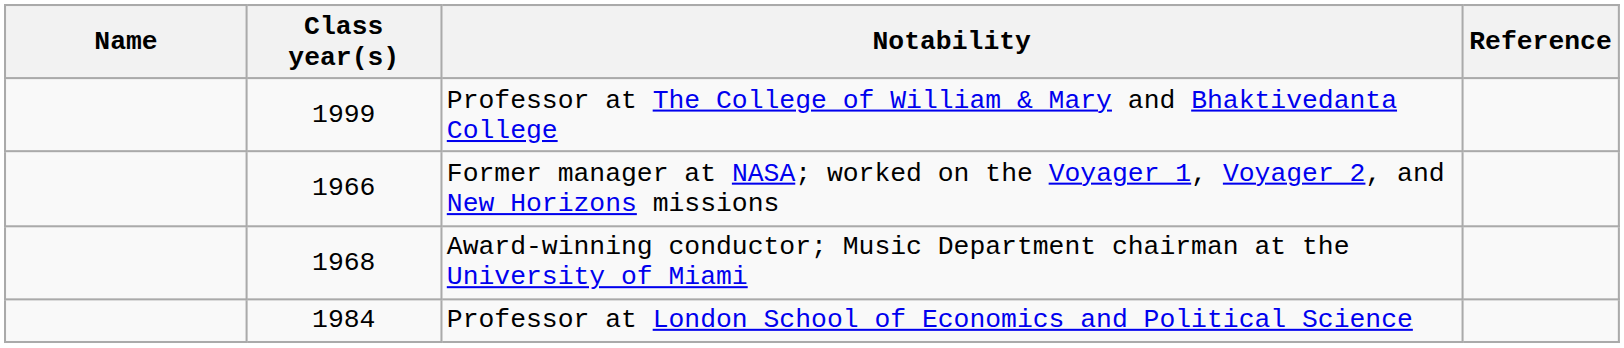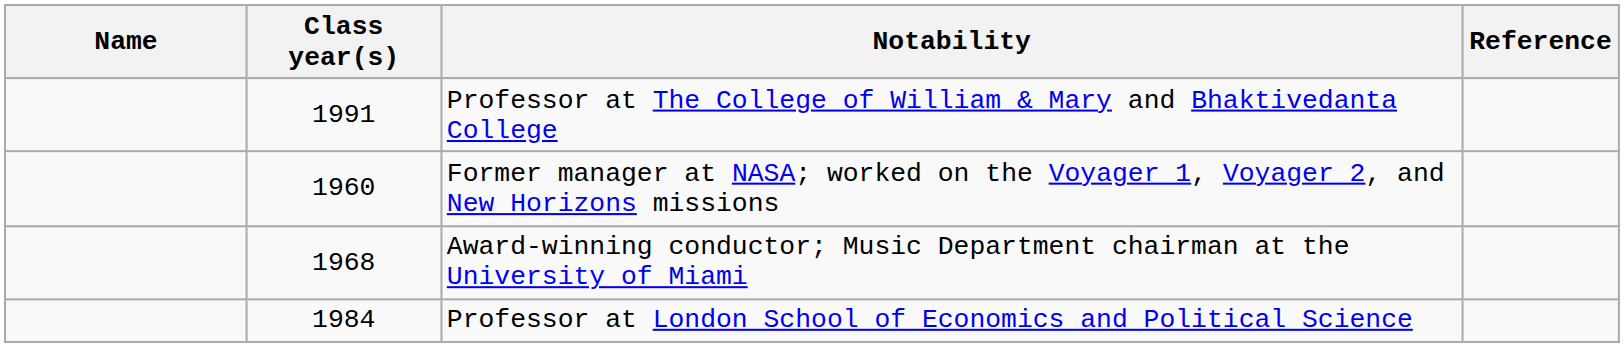 <table class="wikitable sortable" style="width:90%">
 <tr>
 <th style="width:15%;">Name</th>
 <th style="width:12%;">Class year(s)</th>
 <th style="width:*;" class="unsortable">Notability</th>
 <th style="width:5%;" class="unsortable">Reference</th>
 </tr>
 <tr>
 <td></td>
-<td style="text-align:center;">1999</td>
+<td style="text-align:center;">1991</td>
 <td>Professor at <a href='#'>The College of William & Mary</a> and <a href='#'>Bhaktivedanta College</a></td>
 <td style="text-align:center;"></td>
 </tr>
 <tr>
 <td></td>
-<td style="text-align:center;">1966</td>
+<td style="text-align:center;">1960</td>
 <td>Former manager at <a href='#'>NASA</a>; worked on the <a href='#'>Voyager 1</a>, <a href='#'>Voyager 2</a>, and <a href='#'>New Horizons</a> missions</td>
 <td style="text-align:center;"></td>
 </tr>
 <tr>
 <td></td>
 <td style="text-align:center;">1968</td>
 <td>Award-winning conductor; Music Department chairman at the <a href='#'>University of Miami</a></td>
 <td style="text-align:center;"></td>
 </tr>
 <tr>
 <td></td>
 <td style="text-align:center;">1984</td>
 <td>Professor at <a href='#'>London School of Economics and Political Science</a></td>
 <td style="text-align:center;"></td>
 </tr>
 </table>
